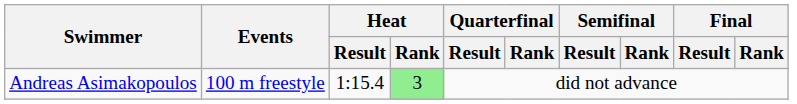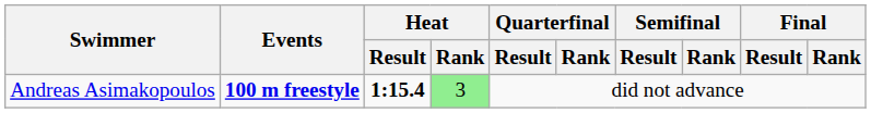 <table class=wikitable style="font-size:90%">
 <tr>
 <th rowspan="2">Swimmer</th>
 <th rowspan="2">Events</th>
 <th colspan="2">Heat</th>
 <th colspan=2>Quarterfinal</th>
 <th colspan=2>Semifinal</th>
 <th colspan="2">Final</th>
 </tr>
 <tr>
 <th>Result</th>
 <th>Rank</th>
 <th>Result</th>
 <th>Rank</th>
 <th>Result</th>
 <th>Rank</th>
 <th>Result</th>
 <th>Rank</th>
 </tr>
 <tr>
 <td><a href='#'>Andreas Asimakopoulos</a></td>
-<td><a href='#'>100 m freestyle</a></td>
-<td align=center>1:15.4</td>
+<td><strong><a href='#'>100 m freestyle</a></strong></td>
+<td align=center><strong>1:15.4</strong></td>
 <td align=center style="background: lightgreen;">3</td>
 <td align=center colspan=6>did not advance</td>
 </tr>
 </table>
